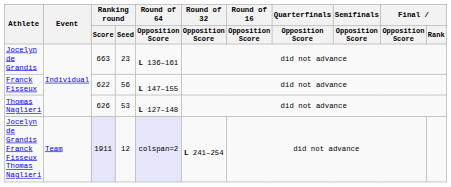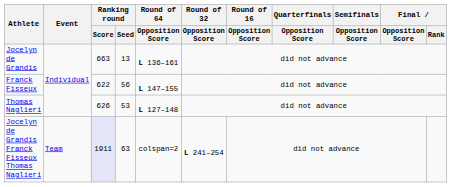 <table class="wikitable" style="font-size:90%">
 <tr>
 <th rowspan="2">Athlete</th>
 <th rowspan="2">Event</th>
 <th colspan="2">Ranking round</th>
 <th>Round of 64</th>
 <th>Round of 32</th>
 <th>Round of 16</th>
 <th>Quarterfinals</th>
 <th>Semifinals</th>
 <th colspan="2">Final / </th>
 </tr>
 <tr style="font-size:95%">
 <th>Score</th>
 <th>Seed</th>
 <th>Opposition<br>Score</th>
 <th>Opposition<br>Score</th>
 <th>Opposition<br>Score</th>
 <th>Opposition<br>Score</th>
 <th>Opposition<br>Score</th>
 <th>Opposition<br>Score</th>
 <th>Rank</th>
 </tr>
 <tr align=center>
 <td align=left><a href='#'>Jocelyn de Grandis</a></td>
 <td align=left rowspan=3><a href='#'>Individual</a></td>
 <td>663</td>
-<td>23</td>
+<td>13</td>
 <td><br><strong>L</strong> 136–161</td>
 <td colspan=6>did not advance</td>
 </tr>
 <tr align=center>
 <td align=left><a href='#'>Franck Fisseux</a></td>
 <td>622</td>
 <td>56</td>
 <td><br><strong>L</strong> 147–155</td>
 <td colspan=6>did not advance</td>
 </tr>
 <tr align=center>
 <td align=left><a href='#'>Thomas Naglieri</a></td>
 <td>626</td>
 <td>53</td>
 <td><br><strong>L</strong> 127–148</td>
 <td colspan=6>did not advance</td>
 </tr>
 <tr align=center>
 <td align=left><a href='#'>Jocelyn de Grandis</a><br><a href='#'>Franck Fisseux</a><br><a href='#'>Thomas Naglieri</a></td>
 <td align=left><a href='#'>Team</a></td>
 <td style="background: lavender;">1911</td>
-<td>12</td>
-<td style="background: lavender;">colspan=2 </td>
+<td>63</td>
+<td>colspan=2 </td>
 <td><br><strong>L</strong> 241–254</td>
 <td colspan=4>did not advance</td>
 </tr>
 </table>
